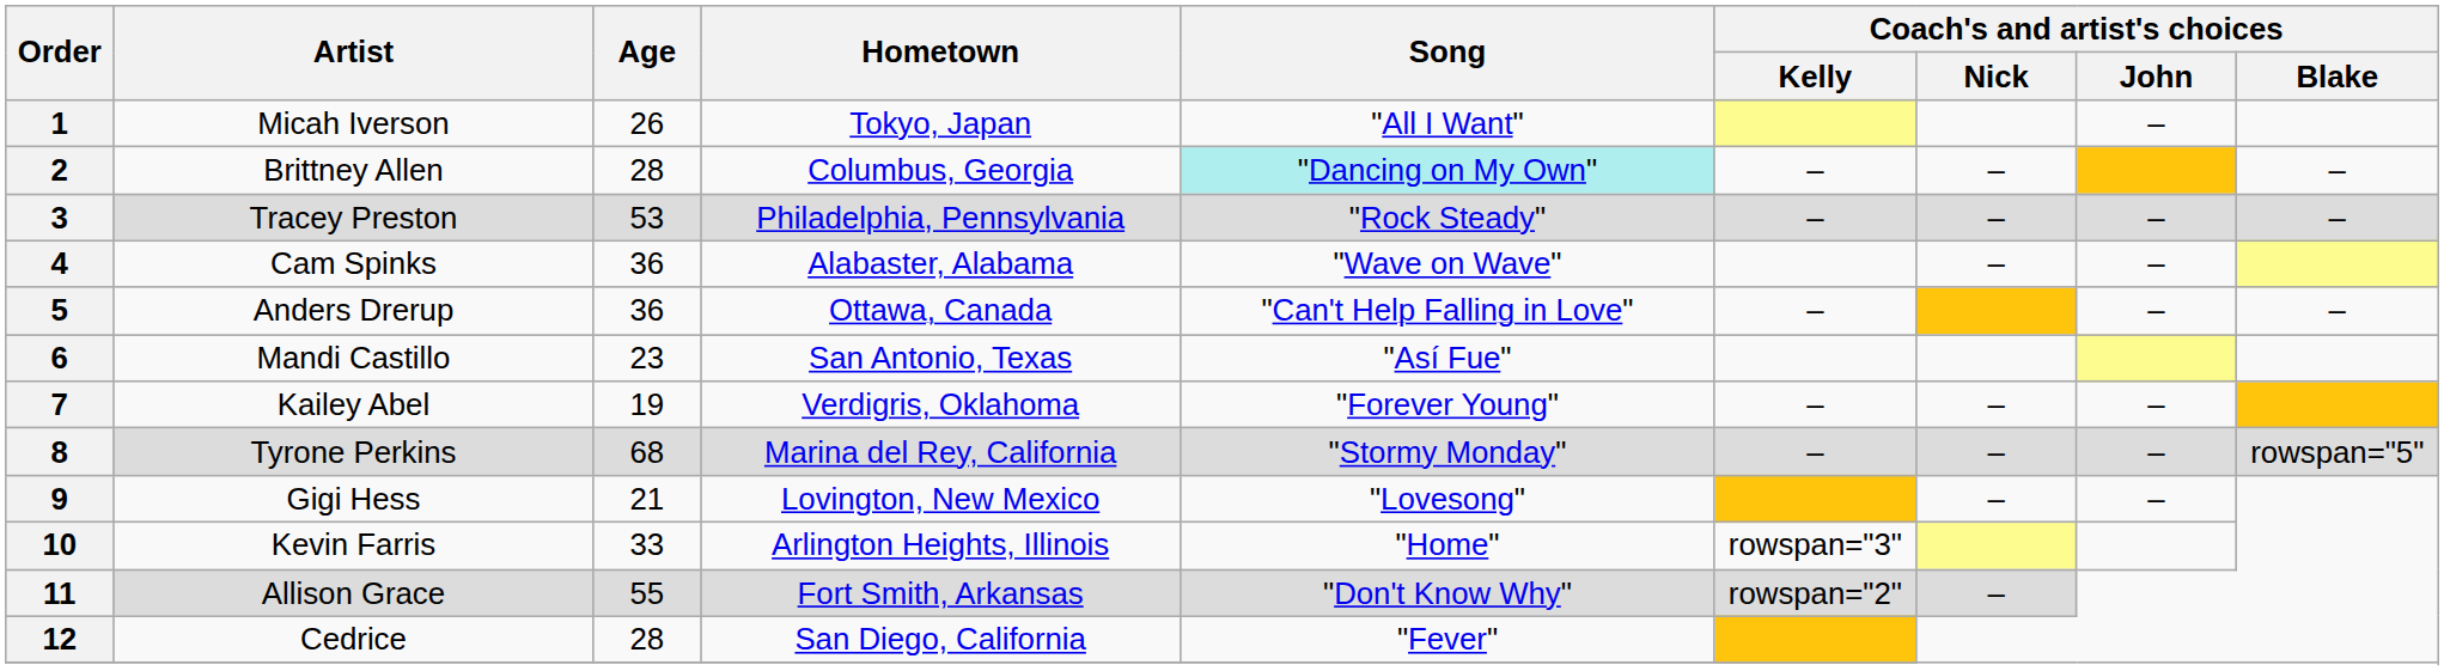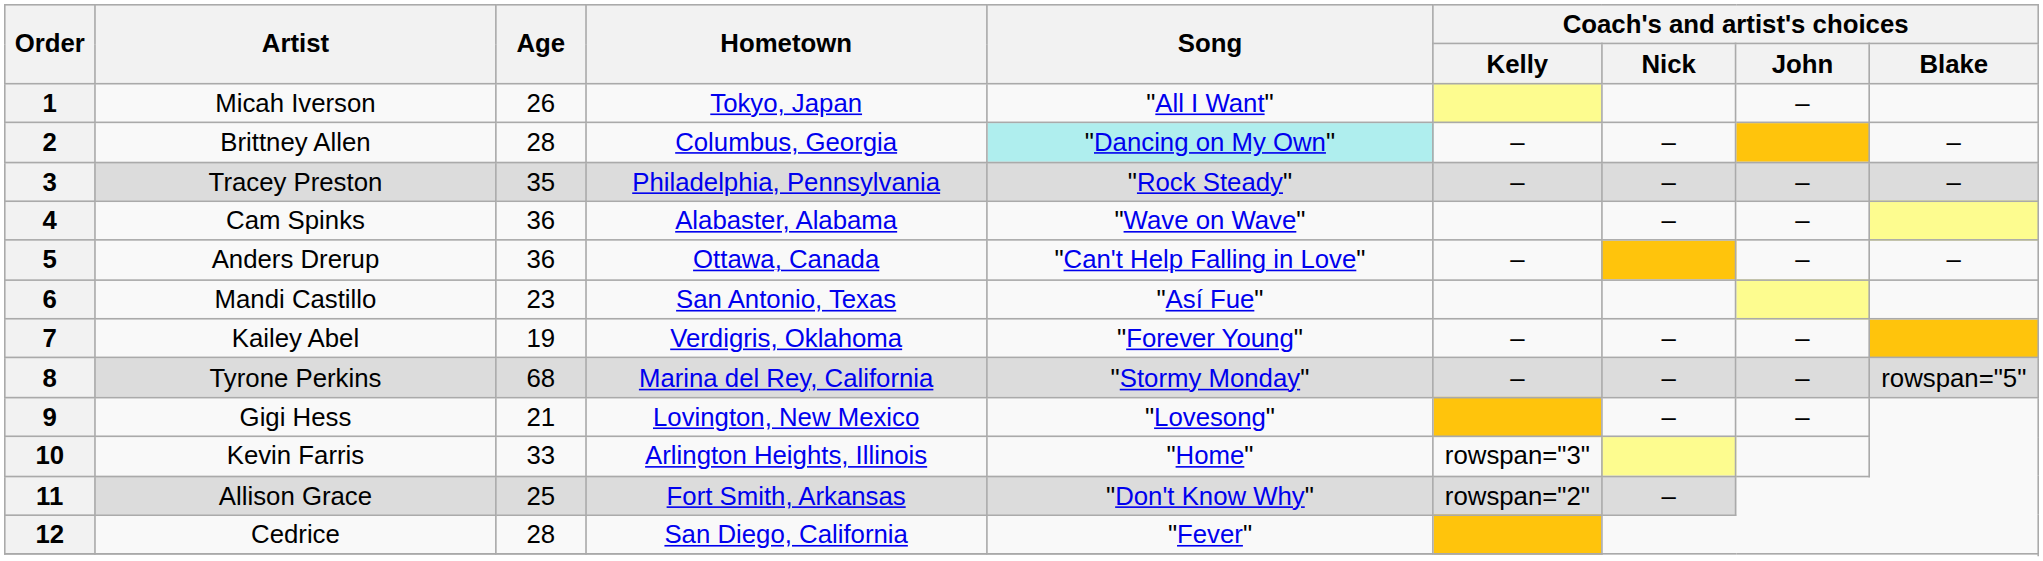 <table class="wikitable" style="text-align:center; line-height:17px; width:100%">
 <tr>
 <th scope="col" rowspan="2" style="width:04%">Order</th>
 <th scope="col" rowspan="2" style="width:18%">Artist</th>
 <th scope="col" rowspan="2" style="width:04%">Age</th>
 <th scope="col" rowspan="2" style="width:18%">Hometown</th>
 <th scope="col" rowspan="2" style="width:20%">Song</th>
 <th scope="col" colspan="4" style="width:24%">Coach's and artist's choices</th>
 </tr>
 <tr>
 <th style="width:06%">Kelly</th>
 <th style="width:06%">Nick</th>
 <th style="width:06%">John</th>
 <th style="width:06%">Blake</th>
 </tr>
 <tr>
 <th>1</th>
 <td>Micah Iverson</td>
 <td>26</td>
 <td><a href='#'>Tokyo, Japan</a></td>
 <td>"<a href='#'>All I Want</a>"</td>
 <td bgcolor="#fdfc8f"><em></em></td>
 <td><em></em></td>
 <td>–</td>
 <td><em></em></td>
 </tr>
 <tr>
 <th>2</th>
 <td>Brittney Allen</td>
 <td>28</td>
 <td><a href='#'>Columbus, Georgia</a></td>
 <td style="background: paleturquoise;">"<a href='#'>Dancing on My Own</a>"</td>
 <td>–</td>
 <td>–</td>
 <td style="background:#ffc40c"><em></em></td>
 <td>–</td>
 </tr>
 <tr style="background:#DCDCDC">
 <th>3</th>
 <td>Tracey Preston</td>
-<td>53</td>
+<td>35</td>
 <td><a href='#'>Philadelphia, Pennsylvania</a></td>
 <td>"<a href='#'>Rock Steady</a>"</td>
 <td>–</td>
 <td>–</td>
 <td>–</td>
 <td>–</td>
 </tr>
 <tr>
 <th>4</th>
 <td>Cam Spinks</td>
 <td>36</td>
 <td><a href='#'>Alabaster, Alabama</a></td>
 <td>"<a href='#'>Wave on Wave</a>"</td>
 <td><em></em></td>
 <td>–</td>
 <td>–</td>
 <td bgcolor="#fdfc8f"><em></em></td>
 </tr>
 <tr>
 <th>5</th>
 <td>Anders Drerup</td>
 <td>36</td>
 <td><a href='#'>Ottawa, Canada</a></td>
 <td>"<a href='#'>Can't Help Falling in Love</a>"</td>
 <td>–</td>
 <td style="background:#ffc40c"><em></em></td>
 <td>–</td>
 <td>–</td>
 </tr>
 <tr>
 <th>6</th>
 <td>Mandi Castillo</td>
 <td>23</td>
 <td><a href='#'>San Antonio, Texas</a></td>
 <td>"<a href='#'>Así Fue</a>"</td>
 <td><em></em></td>
 <td><em></em></td>
 <td bgcolor="#fdfc8f"><em></em></td>
 <td><em></em></td>
 </tr>
 <tr>
 <th>7</th>
 <td>Kailey Abel</td>
 <td>19</td>
 <td><a href='#'>Verdigris, Oklahoma</a></td>
 <td>"<a href='#'>Forever Young</a>"</td>
 <td>–</td>
 <td>–</td>
 <td>–</td>
 <td style="background:#ffc40c"><em></em></td>
 </tr>
 <tr style="background:#DCDCDC">
 <th>8</th>
 <td>Tyrone Perkins</td>
 <td>68</td>
 <td><a href='#'>Marina del Rey, California</a></td>
 <td>"<a href='#'>Stormy Monday</a>"</td>
 <td>–</td>
 <td>–</td>
 <td>–</td>
 <td>rowspan="5" </td>
 </tr>
 <tr>
 <th>9</th>
 <td>Gigi Hess</td>
 <td>21</td>
 <td><a href='#'>Lovington, New Mexico</a></td>
 <td>"<a href='#'>Lovesong</a>"</td>
 <td style="background:#ffc40c"><em></em></td>
 <td>–</td>
 <td>–</td>
 </tr>
 <tr>
 <th>10</th>
 <td>Kevin Farris</td>
 <td>33</td>
 <td><a href='#'>Arlington Heights, Illinois</a></td>
 <td>"<a href='#'>Home</a>"</td>
 <td>rowspan="3" </td>
 <td bgcolor="#fdfc8f"><em></em></td>
 <td><em></em></td>
 </tr>
 <tr style="background:#DCDCDC">
 <th>11</th>
 <td>Allison Grace</td>
-<td>55</td>
+<td>25</td>
 <td><a href='#'>Fort Smith, Arkansas</a></td>
 <td>"<a href='#'>Don't Know Why</a>"</td>
 <td>rowspan="2" </td>
 <td>–</td>
 </tr>
 <tr>
 <th>12</th>
 <td>Cedrice</td>
 <td>28</td>
 <td><a href='#'>San Diego, California</a></td>
 <td>"<a href='#'>Fever</a>"</td>
 <td style="background:#ffc40c"><em></em></td>
 </tr>
 <tr>
 </tr>
 </table>
